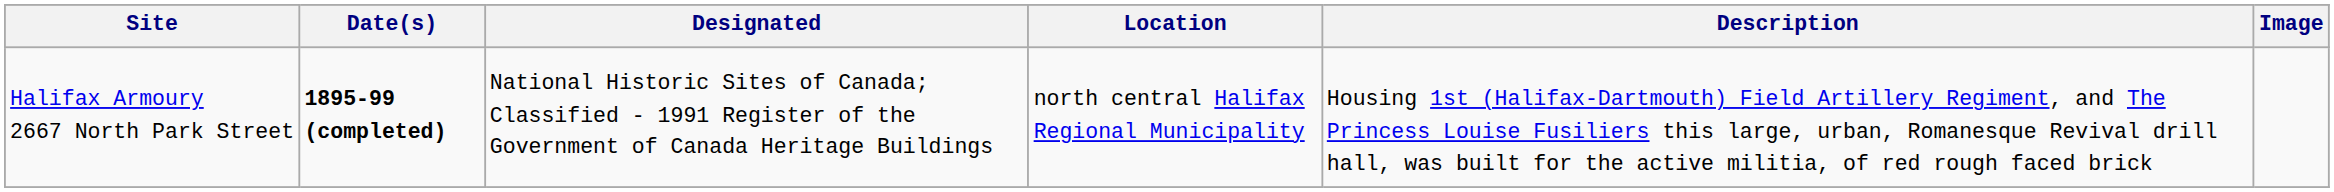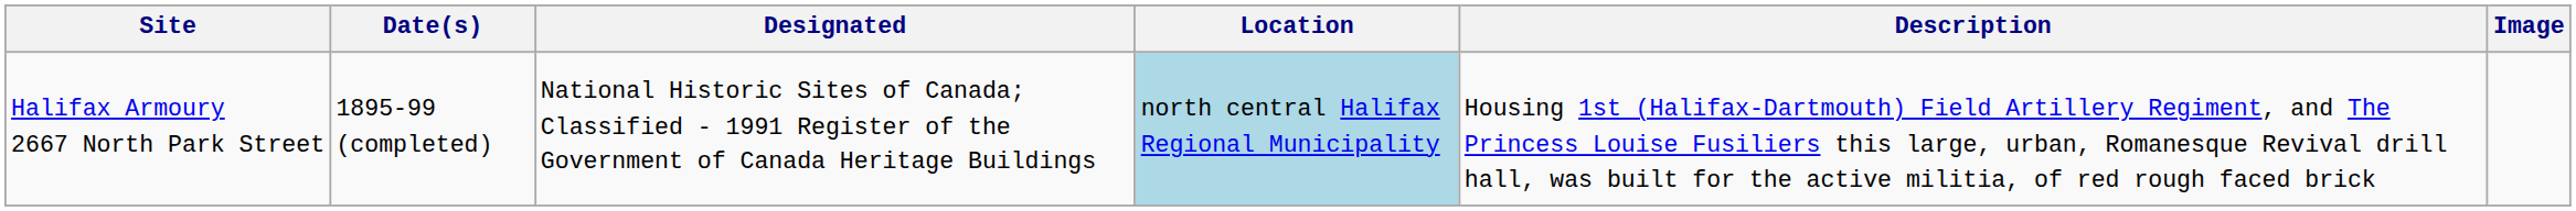 <table class="wikitable sortable" style="font-size:90%;width:100%;border:0px;text-align:left;line-height:150%;">
 <tr>
 <th style="background: #f2f2f2; color: #000080">Site</th>
 <th style="background: #f2f2f2; color: #000080">Date(s)</th>
 <th style="background: #f2f2f2; color: #000080">Designated</th>
 <th style="background: #f2f2f2; color: #000080">Location</th>
 <th style="background: #f2f2f2; color: #000080" class="unsortable">Description</th>
 <th style="background: #f2f2f2; color: #000080" class="unsortable">Image</th>
 </tr>
 <tr>
 <td><a href='#'>Halifax Armoury</a><br>  2667 North Park Street</td>
-<td><strong>1895-99 (completed)</strong></td>
+<td>1895-99 (completed)</td>
 <td>National Historic Sites of Canada;  Classified - 1991 Register of the Government of Canada Heritage Buildings</td>
-<td>north central <a href='#'>Halifax Regional Municipality</a></td>
+<td style="background: lightblue;">north central <a href='#'>Halifax Regional Municipality</a></td>
 <td><br>Housing <a href='#'>1st (Halifax-Dartmouth) Field Artillery Regiment</a>, and <a href='#'>The Princess Louise Fusiliers</a> this large, urban, Romanesque Revival drill hall, was built for the active militia, of red rough faced brick</td>
 <td></td>
 </tr>
 <tr>
 </tr>
 </table>
